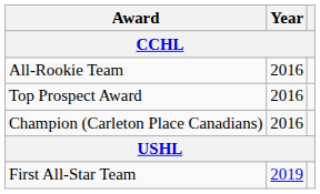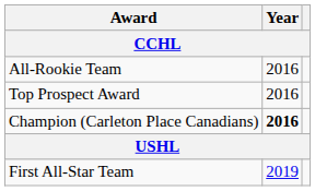 <table class="wikitable">
 <tr>
 <th>Award</th>
 <th>Year</th>
 <th></th>
 </tr>
 <tr ALIGN="center" bgcolor="#e0e0e0">
 <th colspan="3"><a href='#'>CCHL</a></th>
 </tr>
 <tr>
 <td>All-Rookie Team</td>
 <td>2016</td>
 <td></td>
 </tr>
 <tr>
 <td>Top Prospect Award</td>
 <td>2016</td>
 <td></td>
 </tr>
 <tr>
 <td>Champion (Carleton Place Canadians)</td>
-<td>2016</td>
+<td><strong>2016</strong></td>
 <td></td>
 </tr>
 <tr ALIGN="center" bgcolor="#e0e0e0">
 <th colspan="3"><a href='#'>USHL</a></th>
 </tr>
 <tr>
 <td>First All-Star Team</td>
 <td><a href='#'>2019</a></td>
 <td></td>
 </tr>
 </table>
